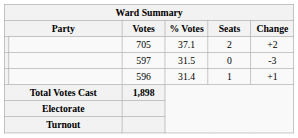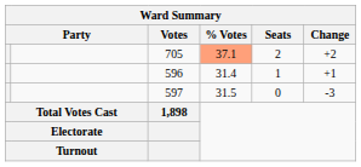 <table class="wikitable" style="font-size: 95%;">
 <tr style="background-color:#E9E9E9">
 <th colspan="6">Ward Summary</th>
 </tr>
 <tr style="background-color:#E9E9E9">
 <th colspan="2">Party</th>
 <th style="width: 60px">Votes</th>
 <th style="width: 60px">% Votes</th>
 <th style="width: 60px">Seats</th>
 <th style="width: 60px">Change</th>
 </tr>
 <tr>
 <th style="background-color: "></th>
 <td style="width: 170px"><a href='#'></a></td>
 <td align="center">705</td>
-<td align="center">37.1</td>
+<td align="center" style="background: lightsalmon;">37.1</td>
 <td align="center">2</td>
 <td align="center">+2</td>
+</tr>
+<tr>
+<th style="background-color: "></th>
+<td style="width: 170px"><a href='#'></a></td>
+<td align="center">596</td>
+<td align="center">31.4</td>
+<td align="center">1</td>
+<td align="center">+1</td>
 </tr>
 <tr>
 <th style="background-color: "></th>
 <td style="width: 170px"><a href='#'></a></td>
 <td align="center">597</td>
 <td align="center">31.5</td>
 <td align="center">0</td>
 <td align="center">-3</td>
-</tr>
-<tr>
-<th style="background-color: "></th>
-<td style="width: 170px"><a href='#'></a></td>
-<td align="center">596</td>
-<td align="center">31.4</td>
-<td align="center">1</td>
-<td align="center">+1</td>
 </tr>
 <tr style="background-color:#E9E9E9">
 <th colspan="2">Total Votes Cast</th>
 <th style="width: 60px">1,898</th>
 </tr>
 <tr style="background-color:#E9E9E9">
 <th colspan="2">Electorate</th>
 <th style="width: 60px"></th>
 </tr>
 <tr style="background-color:#E9E9E9">
 <th colspan="2">Turnout</th>
 <th style="width: 60px"></th>
 </tr>
 </table>
